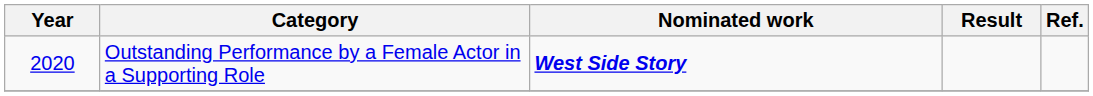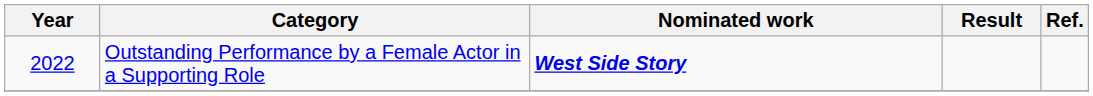 <table class=wikitable>
 <tr>
 <th scope="col" style="width:5em;">Year</th>
 <th scope="col" style="width:26em;">Category</th>
 <th scope="col" style="width:25em;">Nominated work</th>
 <th scope="col" style="width:5em;">Result</th>
 <th>Ref.</th>
 </tr>
 <tr>
-<td style="text-align:center;"><a href='#'>2020</a></td>
+<td style="text-align:center;"><a href='#'>2022</a></td>
 <td><a href='#'>Outstanding Performance by a Female Actor in a Supporting Role</a></td>
 <td><strong><em><a href='#'>West Side Story</a></em></strong></td>
 <td></td>
 <td style="text-align:center;"></td>
 </tr>
 <tr>
 </tr>
 </table>
